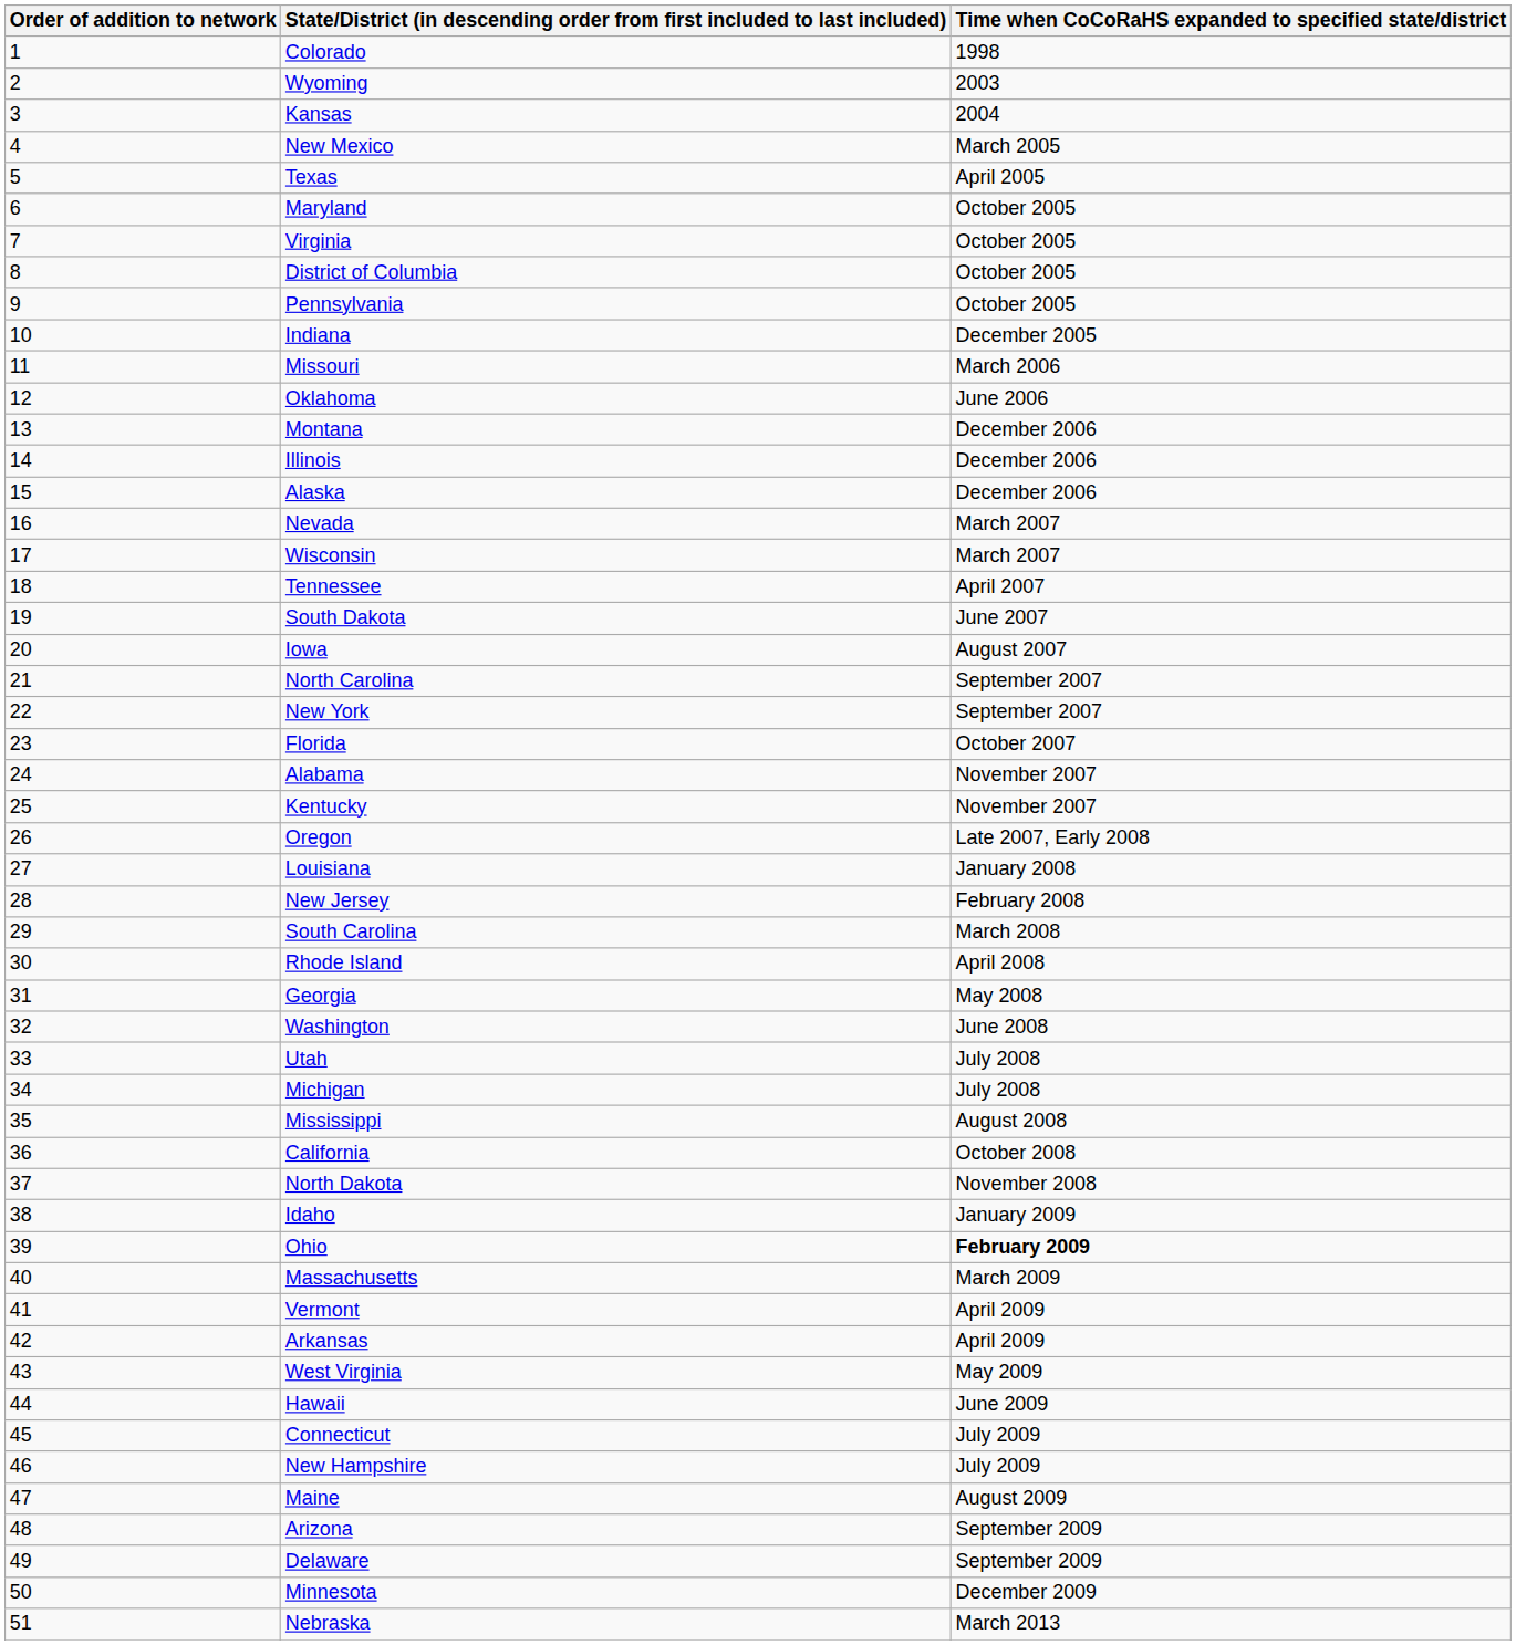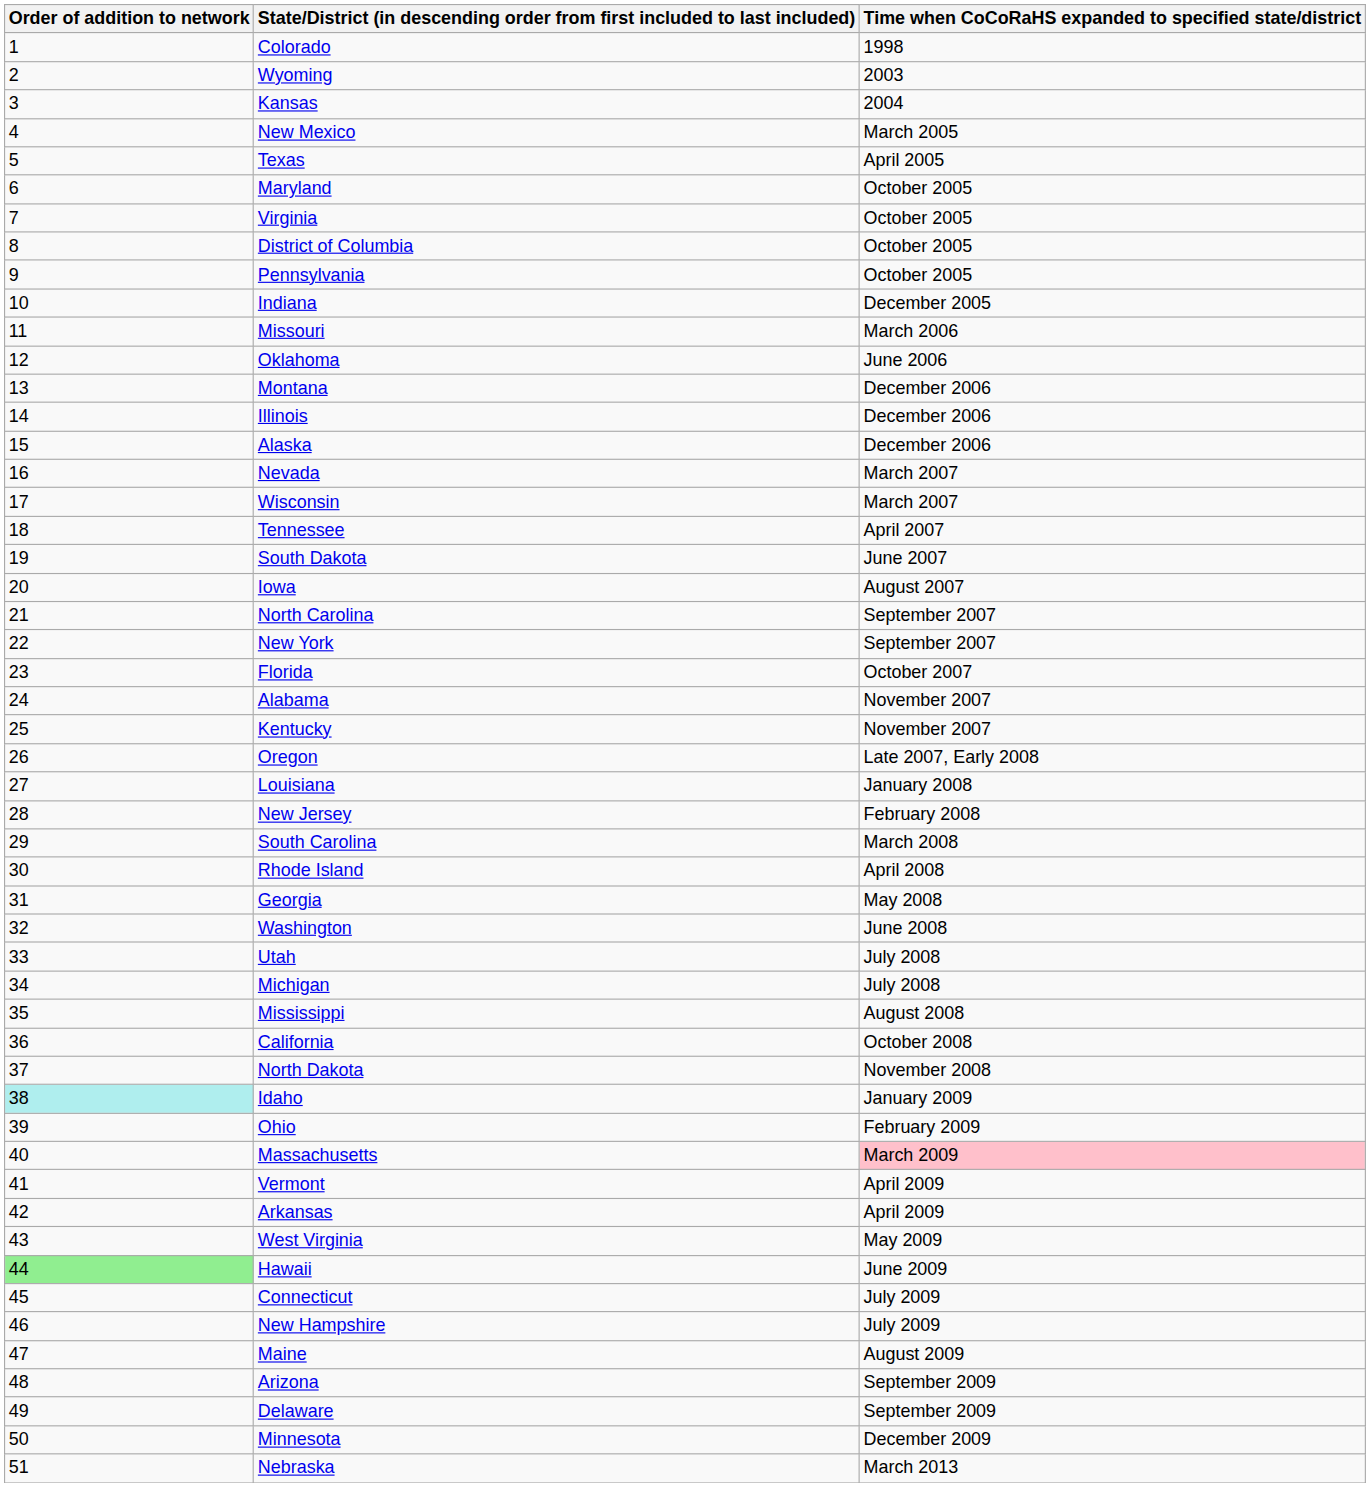 <table class="wikitable">
 <tr>
 <th>Order of addition to network</th>
 <th>State/District (in descending order from first included to last included)</th>
 <th>Time when CoCoRaHS expanded to specified state/district</th>
 </tr>
 <tr>
 <td>1</td>
 <td><a href='#'>Colorado</a></td>
 <td>1998</td>
 </tr>
 <tr>
 <td>2</td>
 <td><a href='#'>Wyoming</a></td>
 <td>2003</td>
 </tr>
 <tr>
 <td>3</td>
 <td><a href='#'>Kansas</a></td>
 <td>2004</td>
 </tr>
 <tr>
 <td>4</td>
 <td><a href='#'>New Mexico</a></td>
 <td>March 2005</td>
 </tr>
 <tr>
 <td>5</td>
 <td><a href='#'>Texas</a></td>
 <td>April 2005</td>
 </tr>
 <tr>
 <td>6</td>
 <td><a href='#'>Maryland</a></td>
 <td>October 2005</td>
 </tr>
 <tr>
 <td>7</td>
 <td><a href='#'>Virginia</a></td>
 <td>October 2005</td>
 </tr>
 <tr>
 <td>8</td>
 <td><a href='#'>District of Columbia</a></td>
 <td>October 2005</td>
 </tr>
 <tr>
 <td>9</td>
 <td><a href='#'>Pennsylvania</a></td>
 <td>October 2005</td>
 </tr>
 <tr>
 <td>10</td>
 <td><a href='#'>Indiana</a></td>
 <td>December 2005</td>
 </tr>
 <tr>
 <td>11</td>
 <td><a href='#'>Missouri</a></td>
 <td>March 2006</td>
 </tr>
 <tr>
 <td>12</td>
 <td><a href='#'>Oklahoma</a></td>
 <td>June 2006</td>
 </tr>
 <tr>
 <td>13</td>
 <td><a href='#'>Montana</a></td>
 <td>December 2006</td>
 </tr>
 <tr>
 <td>14</td>
 <td><a href='#'>Illinois</a></td>
 <td>December 2006</td>
 </tr>
 <tr>
 <td>15</td>
 <td><a href='#'>Alaska</a></td>
 <td>December 2006</td>
 </tr>
 <tr>
 <td>16</td>
 <td><a href='#'>Nevada</a></td>
 <td>March 2007</td>
 </tr>
 <tr>
 <td>17</td>
 <td><a href='#'>Wisconsin</a></td>
 <td>March 2007</td>
 </tr>
 <tr>
 <td>18</td>
 <td><a href='#'>Tennessee</a></td>
 <td>April 2007</td>
 </tr>
 <tr>
 <td>19</td>
 <td><a href='#'>South Dakota</a></td>
 <td>June 2007</td>
 </tr>
 <tr>
 <td>20</td>
 <td><a href='#'>Iowa</a></td>
 <td>August 2007</td>
 </tr>
 <tr>
 <td>21</td>
 <td><a href='#'>North Carolina</a></td>
 <td>September 2007</td>
 </tr>
 <tr>
 <td>22</td>
 <td><a href='#'>New York</a></td>
 <td>September 2007</td>
 </tr>
 <tr>
 <td>23</td>
 <td><a href='#'>Florida</a></td>
 <td>October 2007</td>
 </tr>
 <tr>
 <td>24</td>
 <td><a href='#'>Alabama</a></td>
 <td>November 2007</td>
 </tr>
 <tr>
 <td>25</td>
 <td><a href='#'>Kentucky</a></td>
 <td>November 2007</td>
 </tr>
 <tr>
 <td>26</td>
 <td><a href='#'>Oregon</a></td>
 <td>Late 2007, Early 2008</td>
 </tr>
 <tr>
 <td>27</td>
 <td><a href='#'>Louisiana</a></td>
 <td>January 2008</td>
 </tr>
 <tr>
 <td>28</td>
 <td><a href='#'>New Jersey</a></td>
 <td>February 2008</td>
 </tr>
 <tr>
 <td>29</td>
 <td><a href='#'>South Carolina</a></td>
 <td>March 2008</td>
 </tr>
 <tr>
 <td>30</td>
 <td><a href='#'>Rhode Island</a></td>
 <td>April 2008</td>
 </tr>
 <tr>
 <td>31</td>
 <td><a href='#'>Georgia</a></td>
 <td>May 2008</td>
 </tr>
 <tr>
 <td>32</td>
 <td><a href='#'>Washington</a></td>
 <td>June 2008</td>
 </tr>
 <tr>
 <td>33</td>
 <td><a href='#'>Utah</a></td>
 <td>July 2008</td>
 </tr>
 <tr>
 <td>34</td>
 <td><a href='#'>Michigan</a></td>
 <td>July 2008</td>
 </tr>
 <tr>
 <td>35</td>
 <td><a href='#'>Mississippi</a></td>
 <td>August 2008</td>
 </tr>
 <tr>
 <td>36</td>
 <td><a href='#'>California</a></td>
 <td>October 2008</td>
 </tr>
 <tr>
 <td>37</td>
 <td><a href='#'>North Dakota</a></td>
 <td>November 2008</td>
 </tr>
 <tr>
-<td>38</td>
+<td style="background: paleturquoise;">38</td>
 <td><a href='#'>Idaho</a></td>
 <td>January 2009</td>
 </tr>
 <tr>
 <td>39</td>
 <td><a href='#'>Ohio</a></td>
-<td><strong>February 2009</strong></td>
+<td>February 2009</td>
 </tr>
 <tr>
 <td>40</td>
 <td><a href='#'>Massachusetts</a></td>
-<td>March 2009</td>
+<td style="background: pink;">March 2009</td>
 </tr>
 <tr>
 <td>41</td>
 <td><a href='#'>Vermont</a></td>
 <td>April 2009</td>
 </tr>
 <tr>
 <td>42</td>
 <td><a href='#'>Arkansas</a></td>
 <td>April 2009</td>
 </tr>
 <tr>
 <td>43</td>
 <td><a href='#'>West Virginia</a></td>
 <td>May 2009</td>
 </tr>
 <tr>
-<td>44</td>
+<td style="background: lightgreen;">44</td>
 <td><a href='#'>Hawaii</a></td>
 <td>June 2009</td>
 </tr>
 <tr>
 <td>45</td>
 <td><a href='#'>Connecticut</a></td>
 <td>July 2009</td>
 </tr>
 <tr>
 <td>46</td>
 <td><a href='#'>New Hampshire</a></td>
 <td>July 2009</td>
 </tr>
 <tr>
 <td>47</td>
 <td><a href='#'>Maine</a></td>
 <td>August 2009</td>
 </tr>
 <tr>
 <td>48</td>
 <td><a href='#'>Arizona</a></td>
 <td>September 2009</td>
 </tr>
 <tr>
 <td>49</td>
 <td><a href='#'>Delaware</a></td>
 <td>September 2009</td>
 </tr>
 <tr>
 <td>50</td>
 <td><a href='#'>Minnesota</a></td>
 <td>December 2009</td>
 </tr>
 <tr>
 <td>51</td>
 <td><a href='#'>Nebraska</a></td>
 <td>March 2013</td>
 </tr>
 </table>
